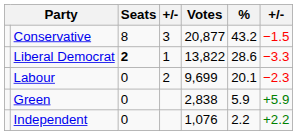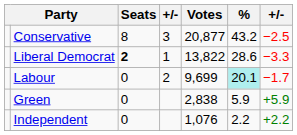 <table class="wikitable">
 <tr>
 <th colspan="2">Party</th>
 <th>Seats</th>
 <th>+/-</th>
 <th>Votes</th>
 <th>%</th>
 <th>+/-</th>
 </tr>
 <tr>
 <td style="background-color: "></td>
 <td><a href='#'>Conservative</a></td>
 <td>8</td>
 <td> 3</td>
 <td>20,877</td>
 <td>43.2</td>
-<td style="color:red">−1.5</td>
+<td style="color:red">−2.5</td>
 </tr>
 <tr>
 <td style="background-color: "></td>
 <td><a href='#'>Liberal Democrat</a></td>
 <td><strong>2</strong></td>
 <td> 1</td>
 <td>13,822</td>
 <td>28.6</td>
 <td style="color:red">−3.3</td>
 </tr>
 <tr>
 <td style="background-color: "></td>
 <td><a href='#'>Labour</a></td>
 <td>0</td>
 <td> 2</td>
 <td>9,699</td>
-<td>20.1</td>
-<td style="color:red">−2.3</td>
+<td style="background: paleturquoise;">20.1</td>
+<td style="color:red">−1.7</td>
 </tr>
 <tr>
 <td style="background-color: "></td>
 <td><a href='#'>Green</a></td>
 <td>0</td>
 <td></td>
 <td>2,838</td>
 <td>5.9</td>
 <td style="color:green">+5.9</td>
 </tr>
 <tr>
 <td style="background-color: "></td>
 <td><a href='#'>Independent</a></td>
 <td>0</td>
 <td></td>
 <td>1,076</td>
 <td>2.2</td>
 <td style="color:green">+2.2</td>
 </tr>
 </table>
